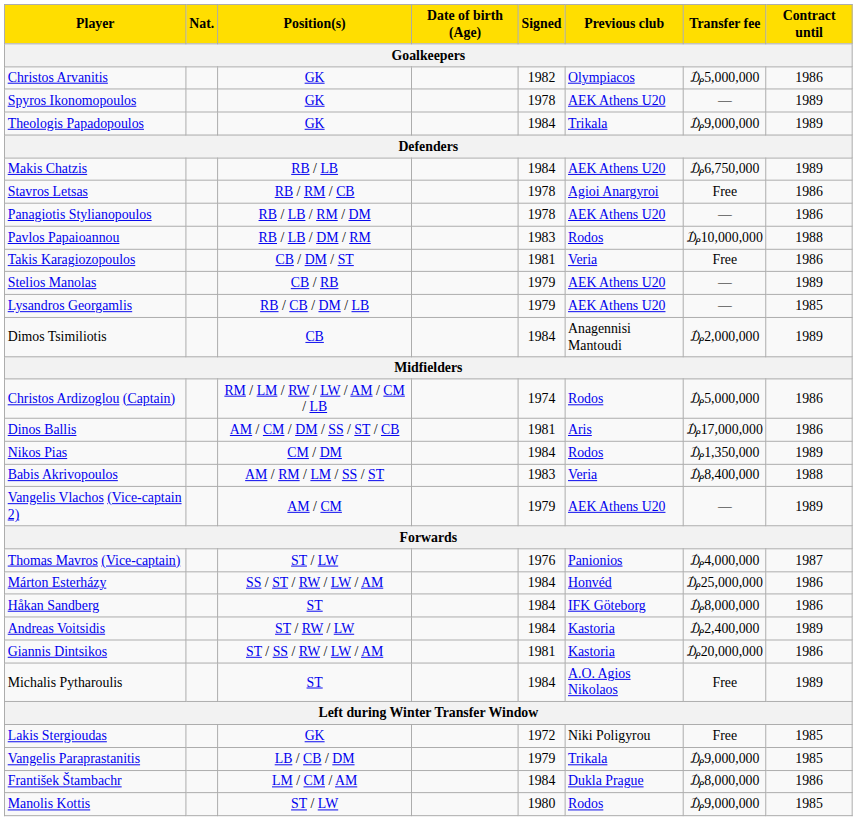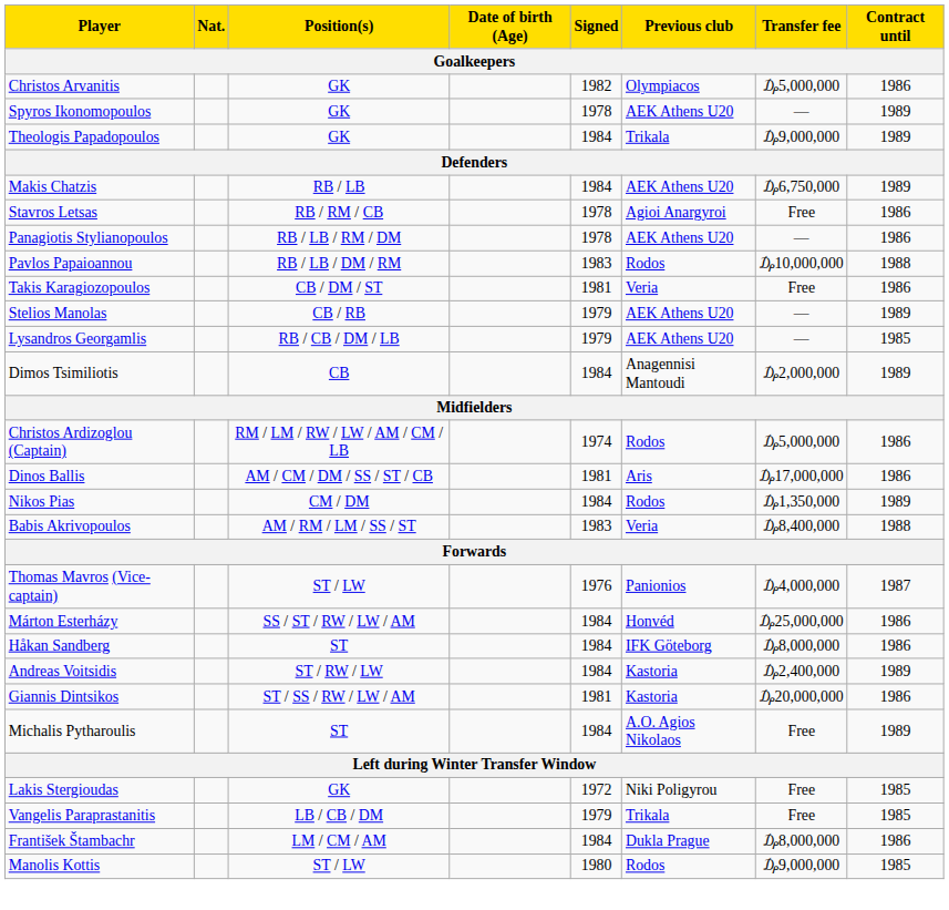 <table class="wikitable" style="text-align:center; font-size:90%;width:100%;">
 <tr>
 <th style="background:#FFDE00">Player</th>
 <th style="background:#FFDE00">Nat.</th>
 <th style="background:#FFDE00">Position(s)</th>
 <th style="background:#FFDE00">Date of birth (Age)</th>
 <th style="background:#FFDE00">Signed</th>
 <th style="background:#FFDE00">Previous club</th>
 <th style="background:#FFDE00">Transfer fee</th>
 <th style="background:#FFDE00">Contract until</th>
 </tr>
 <tr>
 <th colspan="8">Goalkeepers</th>
 </tr>
 <tr>
 <td align=left><a href='#'>Christos Arvanitis</a></td>
 <td></td>
 <td><a href='#'>GK</a></td>
 <td></td>
 <td>1982</td>
 <td align=left> <a href='#'>Olympiacos</a></td>
 <td>₯5,000,000</td>
 <td>1986</td>
 </tr>
 <tr>
 <td align=left><a href='#'>Spyros Ikonomopoulos</a></td>
 <td></td>
 <td><a href='#'>GK</a></td>
 <td></td>
 <td>1978</td>
 <td align=left> <a href='#'>AEK Athens U20</a></td>
 <td>—</td>
 <td>1989</td>
 </tr>
 <tr>
 <td align=left><a href='#'>Theologis Papadopoulos</a></td>
 <td></td>
 <td><a href='#'>GK</a></td>
 <td></td>
 <td>1984</td>
 <td align=left> <a href='#'>Trikala</a></td>
 <td>₯9,000,000</td>
 <td>1989</td>
 </tr>
 <tr>
 <th colspan="8">Defenders</th>
 </tr>
 <tr>
 <td align=left><a href='#'>Makis Chatzis</a></td>
 <td></td>
 <td><a href='#'>RB</a> / <a href='#'>LB</a></td>
 <td></td>
 <td>1984</td>
 <td align=left> <a href='#'>AEK Athens U20</a></td>
 <td>₯6,750,000</td>
 <td>1989</td>
 </tr>
 <tr>
 <td align=left><a href='#'>Stavros Letsas</a></td>
 <td></td>
 <td><a href='#'>RB</a> / <a href='#'>RM</a> / <a href='#'>CB</a></td>
 <td></td>
 <td>1978</td>
 <td align=left> <a href='#'>Agioi Anargyroi</a></td>
 <td>Free</td>
 <td>1986</td>
 </tr>
 <tr>
 <td align=left><a href='#'>Panagiotis Stylianopoulos</a></td>
 <td></td>
 <td><a href='#'>RB</a> / <a href='#'>LB</a> / <a href='#'>RM</a> / <a href='#'>DM</a></td>
 <td></td>
 <td>1978</td>
 <td align=left> <a href='#'>AEK Athens U20</a></td>
 <td>—</td>
 <td>1986</td>
 </tr>
 <tr>
 <td align=left><a href='#'>Pavlos Papaioannou</a></td>
 <td></td>
 <td><a href='#'>RB</a> / <a href='#'>LB</a> / <a href='#'>DM</a> / <a href='#'>RM</a></td>
 <td></td>
 <td>1983</td>
 <td align=left> <a href='#'>Rodos</a></td>
 <td>₯10,000,000</td>
 <td>1988</td>
 </tr>
 <tr>
 <td align=left><a href='#'>Takis Karagiozopoulos</a></td>
 <td></td>
 <td><a href='#'>CB</a> / <a href='#'>DM</a> / <a href='#'>ST</a></td>
 <td></td>
 <td>1981</td>
 <td align=left> <a href='#'>Veria</a></td>
 <td>Free</td>
 <td>1986</td>
 </tr>
 <tr>
 <td align=left><a href='#'>Stelios Manolas</a></td>
 <td></td>
 <td><a href='#'>CB</a> / <a href='#'>RB</a></td>
 <td></td>
 <td>1979</td>
 <td align=left> <a href='#'>AEK Athens U20</a></td>
 <td>—</td>
 <td>1989</td>
 </tr>
 <tr>
 <td align=left><a href='#'>Lysandros Georgamlis</a></td>
 <td></td>
 <td><a href='#'>RB</a> / <a href='#'>CB</a> / <a href='#'>DM</a> / <a href='#'>LB</a></td>
 <td></td>
 <td>1979</td>
 <td align=left> <a href='#'>AEK Athens U20</a></td>
 <td>—</td>
 <td>1985</td>
 </tr>
 <tr>
 <td align=left>Dimos Tsimiliotis</td>
 <td></td>
 <td><a href='#'>CB</a></td>
 <td></td>
 <td>1984</td>
 <td align=left> Anagennisi Mantoudi</td>
 <td>₯2,000,000</td>
 <td>1989</td>
 </tr>
 <tr>
 <th colspan="8">Midfielders</th>
 </tr>
 <tr>
 <td align=left><a href='#'>Christos Ardizoglou</a> <a href='#'>(Captain)</a></td>
 <td></td>
 <td><a href='#'>RM</a> / <a href='#'>LM</a> / <a href='#'>RW</a> / <a href='#'>LW</a>  / <a href='#'>AM</a> / <a href='#'>CM</a> / <a href='#'>LB</a></td>
 <td></td>
 <td>1974</td>
 <td align=left> <a href='#'>Rodos</a></td>
 <td>₯5,000,000</td>
 <td>1986</td>
 </tr>
 <tr>
 <td align=left><a href='#'>Dinos Ballis</a></td>
 <td></td>
 <td><a href='#'>AM</a> / <a href='#'>CM</a> / <a href='#'>DM</a> / <a href='#'>SS</a> / <a href='#'>ST</a> / <a href='#'>CB</a></td>
 <td></td>
 <td>1981</td>
 <td align=left> <a href='#'>Aris</a></td>
 <td>₯17,000,000</td>
 <td>1986</td>
 </tr>
 <tr>
 <td align=left><a href='#'>Nikos Pias</a></td>
 <td></td>
 <td><a href='#'>CM</a> / <a href='#'>DM</a></td>
 <td></td>
 <td>1984</td>
 <td align=left> <a href='#'>Rodos</a></td>
 <td>₯1,350,000</td>
 <td>1989</td>
 </tr>
 <tr>
 <td align=left><a href='#'>Babis Akrivopoulos</a></td>
 <td></td>
 <td><a href='#'>AM</a> / <a href='#'>RM</a> / <a href='#'>LM</a> / <a href='#'>SS</a> / <a href='#'>ST</a></td>
 <td></td>
 <td>1983</td>
 <td align=left> <a href='#'>Veria</a></td>
 <td>₯8,400,000</td>
 <td>1988</td>
 </tr>
 <tr>
-<td align=left><a href='#'>Vangelis Vlachos</a> <a href='#'>(Vice-captain 2)</a></td>
-<td></td>
-<td><a href='#'>AM</a> / <a href='#'>CM</a></td>
-<td></td>
-<td>1979</td>
-<td align=left> <a href='#'>AEK Athens U20</a></td>
-<td>—</td>
-<td>1989</td>
-</tr>
-<tr>
 <th colspan="8">Forwards</th>
 </tr>
 <tr>
 <td align=left><a href='#'>Thomas Mavros</a> <a href='#'>(Vice-captain)</a></td>
 <td></td>
 <td><a href='#'>ST</a> / <a href='#'>LW</a></td>
 <td></td>
 <td>1976</td>
 <td align=left> <a href='#'>Panionios</a></td>
 <td>₯4,000,000</td>
 <td>1987</td>
 </tr>
 <tr>
 <td align=left><a href='#'>Márton Esterházy</a></td>
 <td></td>
 <td><a href='#'>SS</a> / <a href='#'>ST</a> / <a href='#'>RW</a> / <a href='#'>LW</a> / <a href='#'>AM</a></td>
 <td></td>
 <td>1984</td>
 <td align=left> <a href='#'>Honvéd</a></td>
 <td>₯25,000,000</td>
 <td>1986</td>
 </tr>
 <tr>
 <td align=left><a href='#'>Håkan Sandberg</a></td>
 <td></td>
 <td><a href='#'>ST</a></td>
 <td></td>
 <td>1984</td>
 <td align=left> <a href='#'>IFK Göteborg</a></td>
 <td>₯8,000,000</td>
 <td>1986</td>
 </tr>
 <tr>
 <td align=left><a href='#'>Andreas Voitsidis</a></td>
 <td></td>
 <td><a href='#'>ST</a> / <a href='#'>RW</a> / <a href='#'>LW</a></td>
 <td></td>
 <td>1984</td>
 <td align=left> <a href='#'>Kastoria</a></td>
 <td>₯2,400,000</td>
 <td>1989</td>
 </tr>
 <tr>
 <td align=left><a href='#'>Giannis Dintsikos</a></td>
 <td></td>
 <td><a href='#'>ST</a> / <a href='#'>SS</a> / <a href='#'>RW</a> / <a href='#'>LW</a> / <a href='#'>AM</a></td>
 <td></td>
 <td>1981</td>
 <td align=left> <a href='#'>Kastoria</a></td>
 <td>₯20,000,000</td>
 <td>1986</td>
 </tr>
 <tr>
 <td align=left>Michalis Pytharoulis</td>
 <td></td>
 <td><a href='#'>ST</a></td>
 <td></td>
 <td>1984</td>
 <td align=left> <a href='#'>A.O. Agios Nikolaos</a></td>
 <td>Free</td>
 <td>1989</td>
 </tr>
 <tr>
 <th colspan="8">Left during Winter Transfer Window</th>
 </tr>
 <tr>
 <td align=left><a href='#'>Lakis Stergioudas</a></td>
 <td></td>
 <td><a href='#'>GK</a></td>
 <td></td>
 <td>1972</td>
 <td align=left> Niki Poligyrou</td>
 <td>Free</td>
 <td>1985</td>
 </tr>
 <tr>
 <td align=left><a href='#'>Vangelis Paraprastanitis</a></td>
 <td></td>
 <td><a href='#'>LB</a> / <a href='#'>CB</a> / <a href='#'>DM</a></td>
 <td></td>
 <td>1979</td>
 <td align=left> <a href='#'>Trikala</a></td>
-<td>₯9,000,000</td>
+<td>Free</td>
 <td>1985</td>
 </tr>
 <tr>
 <td align=left><a href='#'>František Štambachr</a></td>
 <td></td>
 <td><a href='#'>LM</a> / <a href='#'>CM</a> / <a href='#'>AM</a></td>
 <td></td>
 <td>1984</td>
 <td align=left> <a href='#'>Dukla Prague</a></td>
 <td>₯8,000,000</td>
 <td>1986</td>
 </tr>
 <tr>
 <td align=left><a href='#'>Manolis Kottis</a></td>
 <td></td>
 <td><a href='#'>ST</a> / <a href='#'>LW</a></td>
 <td></td>
 <td>1980</td>
 <td align=left> <a href='#'>Rodos</a></td>
 <td>₯9,000,000</td>
 <td>1985</td>
 </tr>
 </table>
